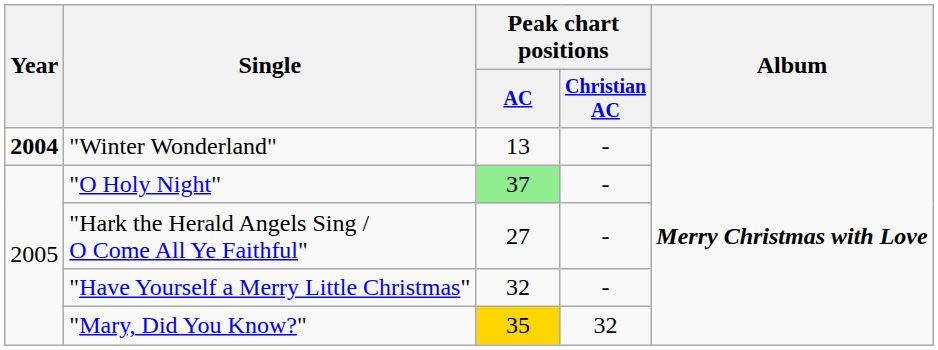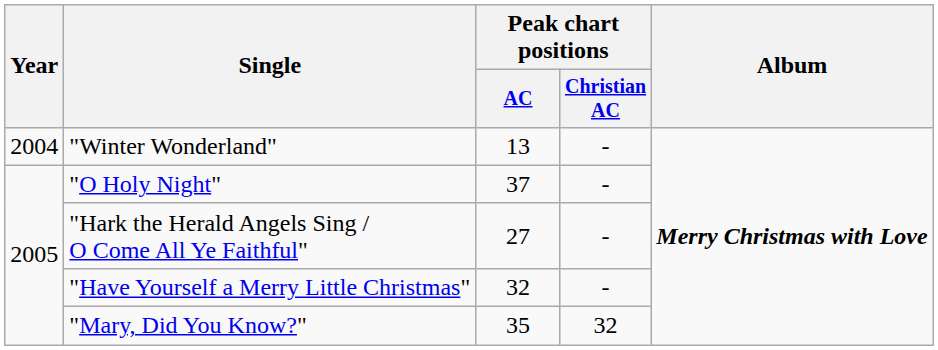 <table class="wikitable">
 <tr>
 <th rowspan="2">Year</th>
 <th rowspan="2">Single</th>
 <th colspan="2">Peak chart positions</th>
 <th rowspan="2">Album</th>
 </tr>
 <tr style="font-size:smaller;">
 <th width="50"><a href='#'>AC</a></th>
 <th width="50"><a href='#'>Christian AC</a></th>
 </tr>
 <tr>
-<td><strong>2004</strong></td>
+<td>2004</td>
 <td>"Winter Wonderland"</td>
 <td align="center">13</td>
 <td align="center">-</td>
 <td rowspan="5"><strong><em>Merry Christmas with Love</em></strong></td>
 </tr>
 <tr>
 <td rowspan="4">2005</td>
 <td>"<a href='#'>O Holy Night</a>"</td>
-<td align="center" style="background: lightgreen;">37</td>
+<td align="center">37</td>
 <td align="center">-</td>
 </tr>
 <tr>
 <td>"Hark the Herald Angels Sing / <br><a href='#'>O Come All Ye Faithful</a>"</td>
 <td align="center">27</td>
 <td align="center">-</td>
 </tr>
 <tr>
 <td>"<a href='#'>Have Yourself a Merry Little Christmas</a>"</td>
 <td align="center">32</td>
 <td align="center">-</td>
 </tr>
 <tr>
 <td>"<a href='#'>Mary, Did You Know?</a>"</td>
-<td align="center" style="background: gold;">35</td>
+<td align="center">35</td>
 <td align="center">32</td>
 </tr>
 </table>
